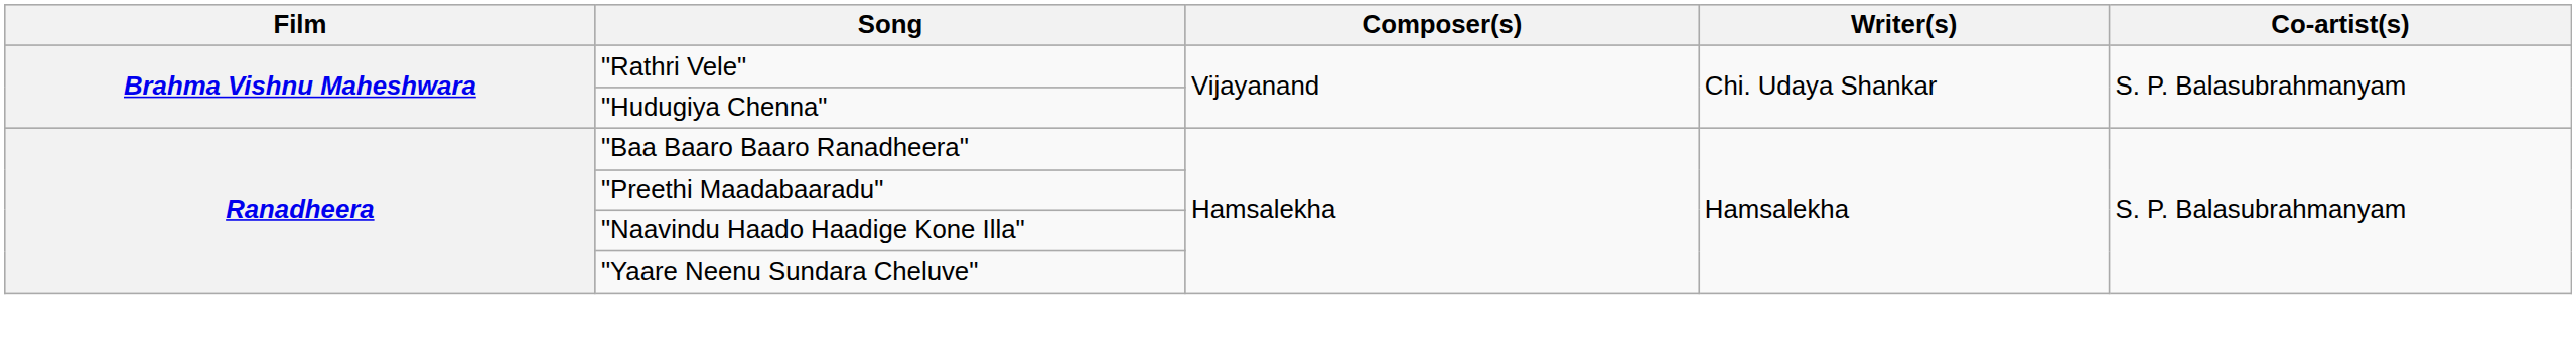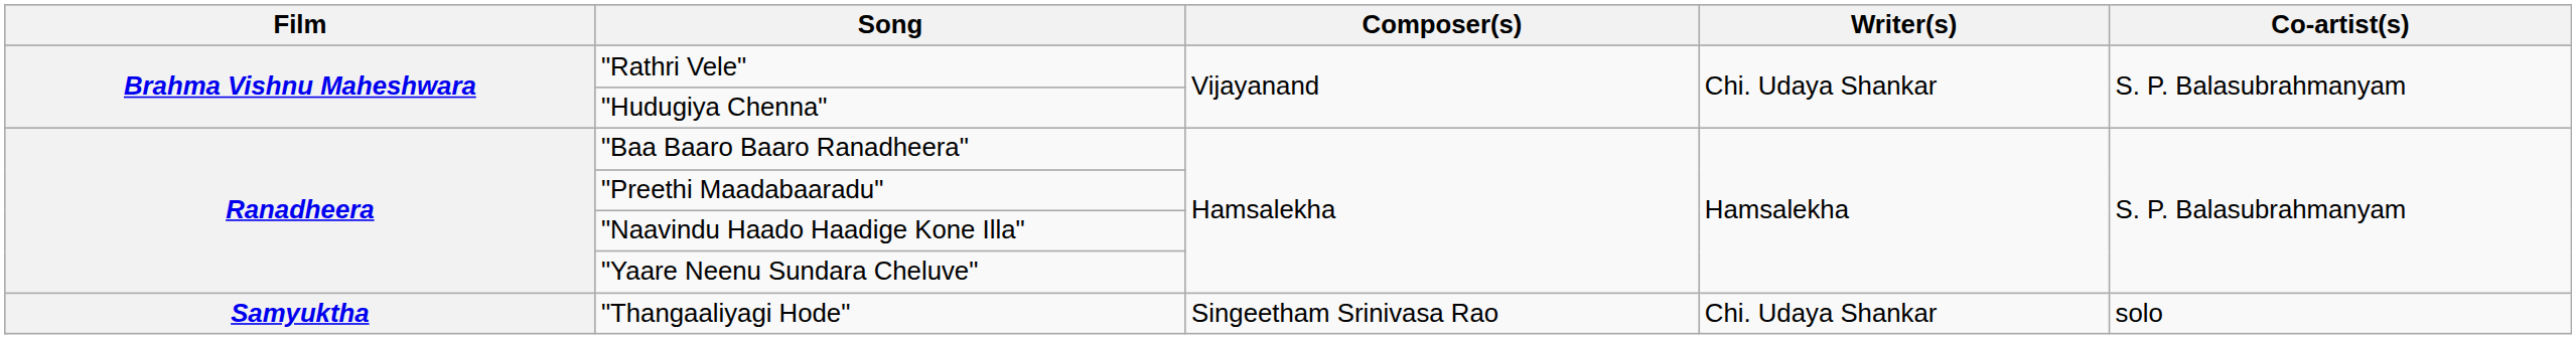 <table class="wikitable plainrowheaders" width="100%" textcolor:#000;">
 <tr style="background:#b0e0e66;">
 <th scope="col" width=23%><strong>Film</strong></th>
 <th scope="col" width=23%><strong>Song</strong></th>
 <th scope="col" width=20%><strong>Composer(s)</strong></th>
 <th scope="col" width=16%><strong>Writer(s)</strong></th>
 <th scope="col" width=18%><strong>Co-artist(s)</strong></th>
 </tr>
 <tr>
 <th Rowspan=2><em><a href='#'>Brahma Vishnu Maheshwara</a></em></th>
 <td>"Rathri Vele"</td>
 <td rowspan=2>Vijayanand</td>
 <td rowspan=2>Chi. Udaya Shankar</td>
 <td rowspan=2>S. P. Balasubrahmanyam</td>
 </tr>
 <tr>
 <td>"Hudugiya Chenna"</td>
 </tr>
 <tr>
 <th Rowspan=4><em><a href='#'>Ranadheera</a></em></th>
 <td>"Baa Baaro Baaro Ranadheera"</td>
 <td rowspan=4>Hamsalekha</td>
 <td rowspan=4>Hamsalekha</td>
 <td rowspan=4>S. P. Balasubrahmanyam</td>
 </tr>
 <tr>
 <td>"Preethi Maadabaaradu"</td>
 </tr>
 <tr>
 <td>"Naavindu Haado Haadige Kone Illa"</td>
 </tr>
 <tr>
 <td>"Yaare Neenu Sundara Cheluve"</td>
 </tr>
+<tr>
+<th><em><a href='#'>Samyuktha</a></em></th>
+<td>"Thangaaliyagi Hode"</td>
+<td>Singeetham Srinivasa Rao</td>
+<td>Chi. Udaya Shankar</td>
+<td>solo</td>
+</tr>
 </table>
